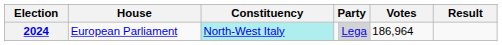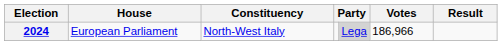 <table class=wikitable style="width:55%; border:1px #AAAAFF solid">
 <tr>
 <th width=12%>Election</th>
 <th width=25%>House</th>
 <th width=25%>Constituency</th>
 <th width=1% colspan="2">Party</th>
 <th width=12%>Votes</th>
 <th width=12%>Result</th>
 </tr>
 <tr>
 <th><a href='#'>2024</a></th>
 <td><a href='#'>European Parliament</a></td>
-<td style="background: paleturquoise;"><a href='#'>North-West Italy</a></td>
+<td><a href='#'>North-West Italy</a></td>
 <td></td>
 <td style="background: lightgrey;"><a href='#'>Lega</a></td>
-<td>186,964</td>
+<td>186,966</td>
 <td></td>
 </tr>
 </table>
